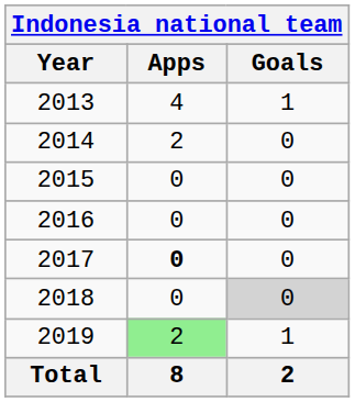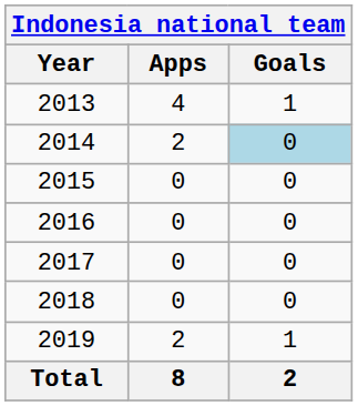 <table class="wikitable" style="text-align:center">
 <tr>
 <th colspan=3><a href='#'>Indonesia national team</a></th>
 </tr>
 <tr>
 <th>Year</th>
 <th>Apps</th>
 <th>Goals</th>
 </tr>
 <tr>
 <td>2013</td>
 <td>4</td>
 <td>1</td>
 </tr>
 <tr>
 <td>2014</td>
 <td>2</td>
-<td>0</td>
+<td style="background: lightblue;">0</td>
 </tr>
 <tr>
 <td>2015</td>
 <td>0</td>
 <td>0</td>
 </tr>
 <tr>
 <td>2016</td>
 <td>0</td>
 <td>0</td>
 </tr>
 <tr>
 <td>2017</td>
-<td><strong>0</strong></td>
+<td>0</td>
 <td>0</td>
 </tr>
 <tr>
 <td>2018</td>
 <td>0</td>
-<td style="background: lightgrey;">0</td>
+<td>0</td>
 </tr>
 <tr>
 <td>2019</td>
-<td style="background: lightgreen;">2</td>
+<td>2</td>
 <td>1</td>
 </tr>
 <tr>
 <th>Total</th>
 <th>8</th>
 <th>2</th>
 </tr>
 </table>
